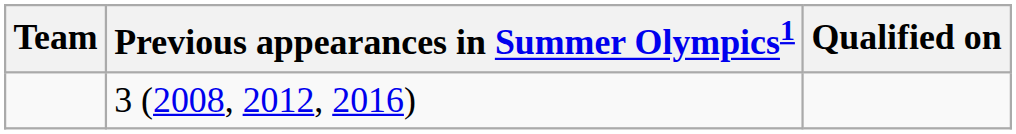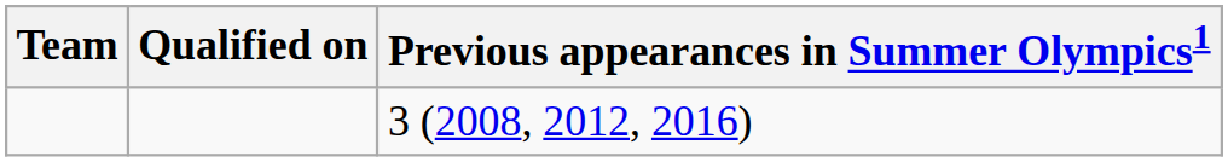 <table class="wikitable sortable">
 <tr>
 <th>Team</th>
+<th>Qualified on</th>
 <th data-sort-type="number">Previous appearances in <a href='#'>Summer Olympics</a><sup><strong><a href='#'>1</a></strong></sup></th>
-<th>Qualified on</th>
 </tr>
 <tr>
 <td></td>
+<td></td>
 <td>3 (<a href='#'>2008</a>, <a href='#'>2012</a>, <a href='#'>2016</a>)</td>
-<td></td>
 </tr>
 </table>
